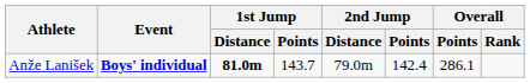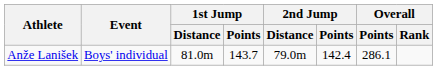 <table class="wikitable">
 <tr>
 <th rowspan="2">Athlete</th>
 <th rowspan="2">Event</th>
 <th colspan="2">1st Jump</th>
 <th colspan="2">2nd Jump</th>
 <th colspan="2">Overall</th>
 </tr>
 <tr>
 <th>Distance</th>
 <th>Points</th>
 <th>Distance</th>
 <th>Points</th>
 <th>Points</th>
 <th>Rank</th>
 </tr>
 <tr>
 <td><a href='#'>Anže Lanišek</a></td>
-<td><strong><a href='#'>Boys' individual</a></strong></td>
-<td align="center"><strong>81.0m</strong></td>
+<td><a href='#'>Boys' individual</a></td>
+<td align="center">81.0m</td>
 <td align="center">143.7</td>
 <td align="center">79.0m</td>
 <td align="center">142.4</td>
 <td align="center">286.1</td>
 <td align="center"></td>
 </tr>
 </table>
